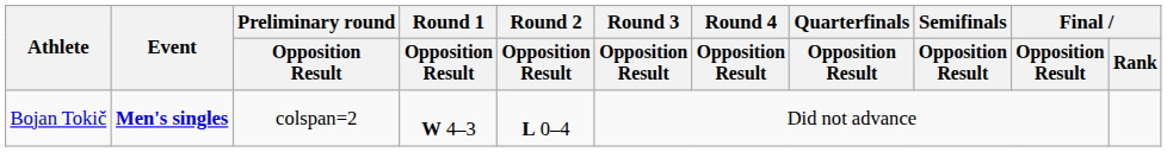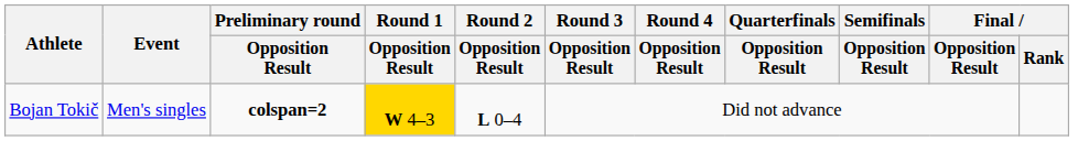 <table class="wikitable" style="font-size:90%">
 <tr>
 <th rowspan="2">Athlete</th>
 <th rowspan="2">Event</th>
 <th>Preliminary round</th>
 <th>Round 1</th>
 <th>Round 2</th>
 <th>Round 3</th>
 <th>Round 4</th>
 <th>Quarterfinals</th>
 <th>Semifinals</th>
 <th colspan=2>Final / </th>
 </tr>
 <tr style="font-size:95%">
 <th>Opposition<br>Result</th>
 <th>Opposition<br>Result</th>
 <th>Opposition<br>Result</th>
 <th>Opposition<br>Result</th>
 <th>Opposition<br>Result</th>
 <th>Opposition<br>Result</th>
 <th>Opposition<br>Result</th>
 <th>Opposition<br>Result</th>
 <th>Rank</th>
 </tr>
 <tr align=center>
 <td align=left><a href='#'>Bojan Tokič</a></td>
-<td align=left><strong><a href='#'>Men's singles</a></strong></td>
-<td>colspan=2 </td>
-<td><br><strong>W</strong> 4–3</td>
+<td align=left><a href='#'>Men's singles</a></td>
+<td><strong>colspan=2 </strong></td>
+<td style="background: gold;"><br><strong>W</strong> 4–3</td>
 <td><br><strong>L</strong> 0–4</td>
 <td colspan=5>Did not advance</td>
 </tr>
 </table>
